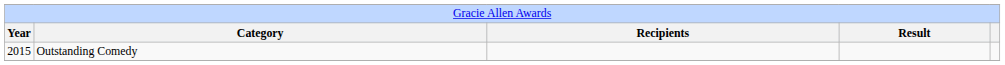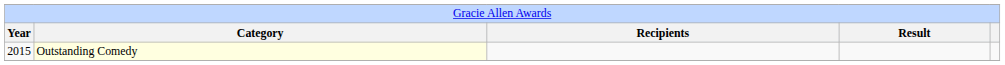 <table class="wikitable plainrowheaders" style="font-size: 100%; width:85%">
 <tr>
 </tr>
 <tr ---- bgcolor="#bfd7ff">
 <td colspan=6 align=center><a href='#'>Gracie Allen Awards</a></td>
 </tr>
 <tr ---- bgcolor="#ebf5ff">
 <th scope="col" style="width:2%;">Year</th>
 <th scope="col" style="width:45%;">Category</th>
 <th scope="col" style="width:35%;">Recipients</th>
 <th scope="col" style="width:15%;">Result</th>
 <th scope="col" class="unsortable" style="width:1%;"></th>
 </tr>
 <tr>
 <td style="text-align:center;">2015</td>
-<td>Outstanding Comedy</td>
+<td style="background: lightyellow;">Outstanding Comedy</td>
 <td></td>
 <td></td>
 <td style="text-align:center;"></td>
 </tr>
 <tr>
 </tr>
 </table>
